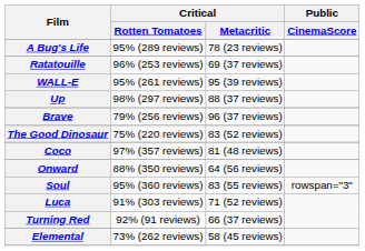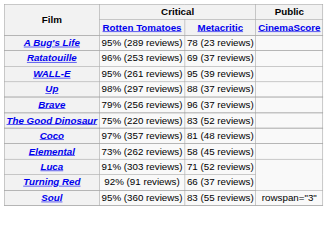 <table class="wikitable plainrowheaders sortable" style="text-align: center;">
 <tr>
 <th scope="col" rowspan="2">Film</th>
 <th scope="col" colspan="2">Critical</th>
 <th scope="col">Public</th>
 </tr>
 <tr>
 <th data-sort-type="number"><a href='#'>Rotten Tomatoes</a></th>
 <th data-sort-type="number"><a href='#'>Metacritic</a></th>
 <th><a href='#'>CinemaScore</a></th>
 </tr>
 <tr>
 </tr>
 <tr>
 <th scope="row"><em><a href='#'>A Bug's Life</a></em></th>
 <td>95% (289 reviews)</td>
 <td>78 (23 reviews)</td>
 <td></td>
 </tr>
 <tr>
 </tr>
 <tr>
 </tr>
 <tr>
 </tr>
 <tr>
 </tr>
 <tr>
 </tr>
 <tr>
 <th scope="row"><em><a href='#'>Ratatouille</a></em></th>
 <td>96% (253 reviews)</td>
 <td>69 (37 reviews)</td>
 <td></td>
 </tr>
 <tr>
 <th scope="row"><em><a href='#'>WALL-E</a></em></th>
 <td>95% (261 reviews)</td>
 <td>95 (39 reviews)</td>
 <td></td>
 </tr>
 <tr>
 <th scope="row"><em><a href='#'>Up</a></em></th>
 <td>98% (297 reviews)</td>
 <td>88 (37 reviews)</td>
 <td></td>
 </tr>
 <tr>
 </tr>
 <tr>
 </tr>
 <tr>
 <th scope="row"><em><a href='#'>Brave</a></em></th>
 <td>79% (256 reviews)</td>
 <td>96 (37 reviews)</td>
 <td></td>
 </tr>
 <tr>
 </tr>
 <tr>
 </tr>
 <tr>
 <th scope="row"><em><a href='#'>The Good Dinosaur</a></em></th>
 <td>75% (220 reviews)</td>
 <td>83 (52 reviews)</td>
 <td></td>
 </tr>
 <tr>
 </tr>
 <tr>
 </tr>
 <tr>
 <th scope="row"><em><a href='#'>Coco</a></em></th>
 <td>97% (357 reviews)</td>
 <td>81 (48 reviews)</td>
 <td></td>
 </tr>
 <tr>
 </tr>
 <tr>
 </tr>
 <tr>
-<th scope="row"><em><a href='#'>Onward</a></em></th>
-<td>88% (350 reviews)</td>
-<td>64 (56 reviews)</td>
+<th scope="row"><em><a href='#'>Elemental</a></em></th>
+<td>73% (262 reviews)</td>
+<td>58 (45 reviews)</td>
 <td></td>
-</tr>
-<tr>
-<th scope="row"><em><a href='#'>Soul</a></em></th>
-<td>95% (360 reviews)</td>
-<td>83 (55 reviews)</td>
-<td>rowspan="3" </td>
 </tr>
 <tr>
 <th scope="row"><em><a href='#'>Luca</a></em></th>
 <td>91% (303 reviews)</td>
 <td>71 (52 reviews)</td>
 </tr>
 <tr>
 <th scope="row"><em><a href='#'>Turning Red</a></em></th>
 <td>92% (91 reviews)</td>
 <td>66 (37 reviews)</td>
 </tr>
 <tr>
 </tr>
 <tr>
-<th scope="row"><em><a href='#'>Elemental</a></em></th>
-<td>73% (262 reviews)</td>
-<td>58 (45 reviews)</td>
-<td></td>
+<th scope="row"><em><a href='#'>Soul</a></em></th>
+<td>95% (360 reviews)</td>
+<td>83 (55 reviews)</td>
+<td>rowspan="3" </td>
 </tr>
 <tr>
 </tr>
 </table>
